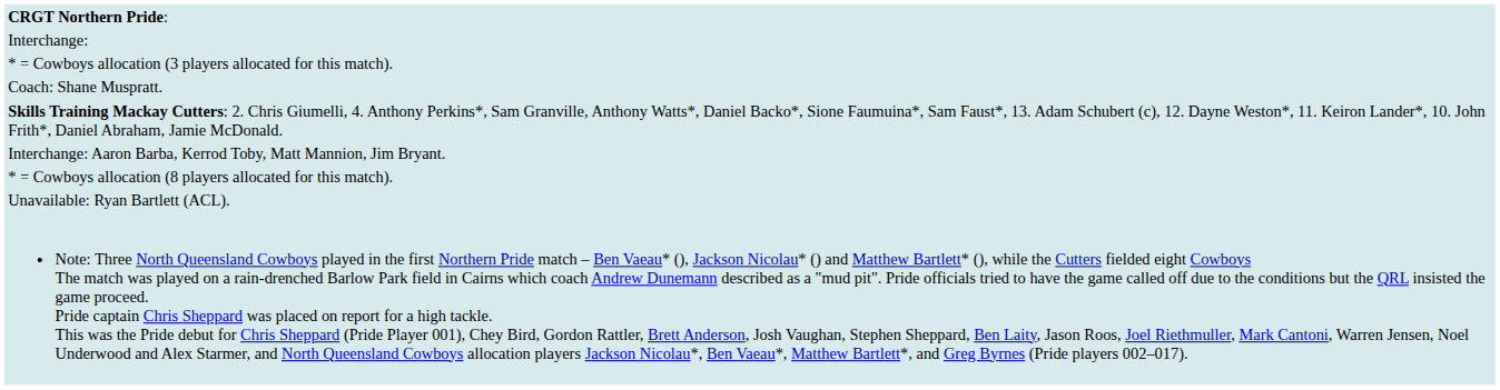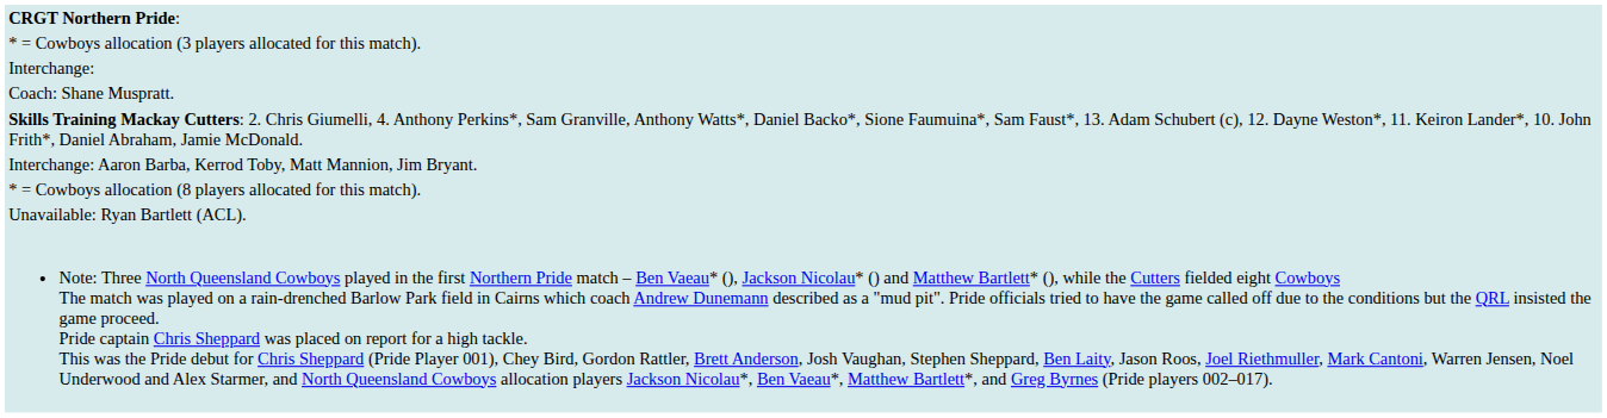 <table style="background:#d7ebed; font-size:85%; width:100%;">
 <tr>
 <td><strong>CRGT Northern Pride</strong>:             </td>
 </tr>
 <tr>
-<td>Interchange:    </td>
+<td>* = Cowboys allocation (3 players allocated for this match).</td>
 </tr>
 <tr>
-<td>* = Cowboys allocation (3 players allocated for this match).</td>
+<td>Interchange:    </td>
 </tr>
 <tr>
 <td>Coach: Shane Muspratt.</td>
 </tr>
 <tr>
 <td><strong>Skills Training Mackay Cutters</strong>: 2. Chris Giumelli, 4. Anthony Perkins*, Sam Granville, Anthony Watts*, Daniel Backo*, Sione Faumuina*, Sam Faust*, 13. Adam Schubert (c), 12. Dayne Weston*, 11. Keiron Lander*, 10. John Frith*, Daniel Abraham, Jamie McDonald.</td>
 </tr>
 <tr>
 <td>Interchange: Aaron Barba, Kerrod Toby, Matt Mannion, Jim Bryant.</td>
 </tr>
 <tr>
 <td>* = Cowboys allocation (8 players allocated for this match).</td>
 </tr>
 <tr>
 <td>Unavailable: Ryan Bartlett (ACL).</td>
 </tr>
 <tr>
 <td><br><ul><li>Note: Three <a href='#'>North Queensland Cowboys</a> played in the first <a href='#'>Northern Pride</a> match – <a href='#'>Ben Vaeau</a>* (), <a href='#'>Jackson Nicolau</a>* () and <a href='#'>Matthew Bartlett</a>* (), while the <a href='#'>Cutters</a> fielded eight <a href='#'>Cowboys</a><br>The match was played on a rain-drenched Barlow Park field in Cairns which coach <a href='#'>Andrew Dunemann</a> described as a "mud pit". Pride officials tried to have the game called off due to the conditions but the <a href='#'>QRL</a> insisted the game proceed.<br>Pride captain <a href='#'>Chris Sheppard</a> was placed on report for a high tackle.<br>This was the Pride debut for <a href='#'>Chris Sheppard</a> (Pride Player 001), Chey Bird, Gordon Rattler, <a href='#'>Brett Anderson</a>, Josh Vaughan, Stephen Sheppard, <a href='#'>Ben Laity</a>, Jason Roos, <a href='#'>Joel Riethmuller</a>, <a href='#'>Mark Cantoni</a>, Warren Jensen, Noel Underwood and Alex Starmer, and <a href='#'>North Queensland Cowboys</a> allocation players  <a href='#'>Jackson Nicolau</a>*, <a href='#'>Ben Vaeau</a>*, <a href='#'>Matthew Bartlett</a>*, and <a href='#'>Greg Byrnes</a> (Pride players 002–017).</li></ul></td>
 </tr>
 <tr>
 </tr>
 </table>
